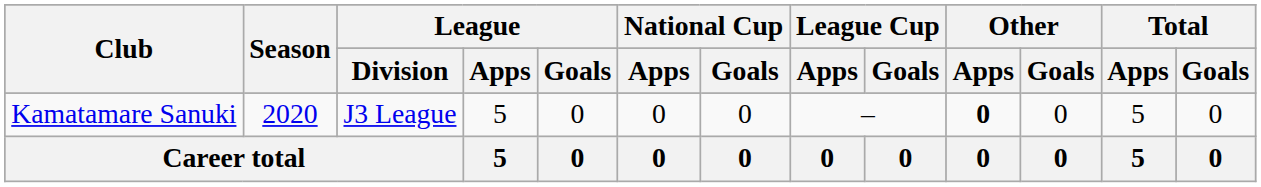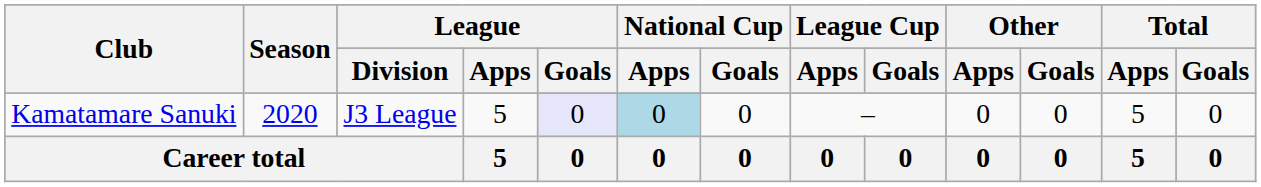 <table class="wikitable" style="text-align: center">
 <tr>
 <th rowspan="2">Club</th>
 <th rowspan="2">Season</th>
 <th colspan="3">League</th>
 <th colspan="2">National Cup</th>
 <th colspan="2">League Cup</th>
 <th colspan="2">Other</th>
 <th colspan="2">Total</th>
 </tr>
 <tr>
 <th>Division</th>
 <th>Apps</th>
 <th>Goals</th>
 <th>Apps</th>
 <th>Goals</th>
 <th>Apps</th>
 <th>Goals</th>
 <th>Apps</th>
 <th>Goals</th>
 <th>Apps</th>
 <th>Goals</th>
 </tr>
 <tr>
 <td><a href='#'>Kamatamare Sanuki</a></td>
 <td><a href='#'>2020</a></td>
 <td><a href='#'>J3 League</a></td>
 <td>5</td>
-<td>0</td>
-<td>0</td>
+<td style="background: lavender;">0</td>
+<td style="background: lightblue;">0</td>
 <td>0</td>
 <td colspan="2">–</td>
-<td><strong>0</strong></td>
+<td>0</td>
 <td>0</td>
 <td>5</td>
 <td>0</td>
 </tr>
 <tr>
 <th colspan=3>Career total</th>
 <th>5</th>
 <th>0</th>
 <th>0</th>
 <th>0</th>
 <th>0</th>
 <th>0</th>
 <th>0</th>
 <th>0</th>
 <th>5</th>
 <th>0</th>
 </tr>
 </table>
